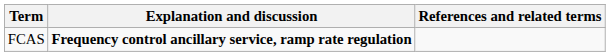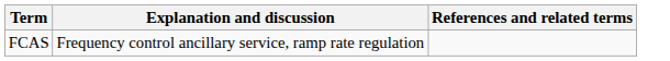 <table class="wikitable">
 <tr>
 <th>Term</th>
 <th>Explanation and discussion</th>
 <th>References and related terms</th>
 </tr>
 <tr>
 <td>FCAS</td>
-<td><strong>Frequency control ancillary service, ramp rate regulation</strong></td>
+<td>Frequency control ancillary service, ramp rate regulation</td>
 </tr>
 </table>
